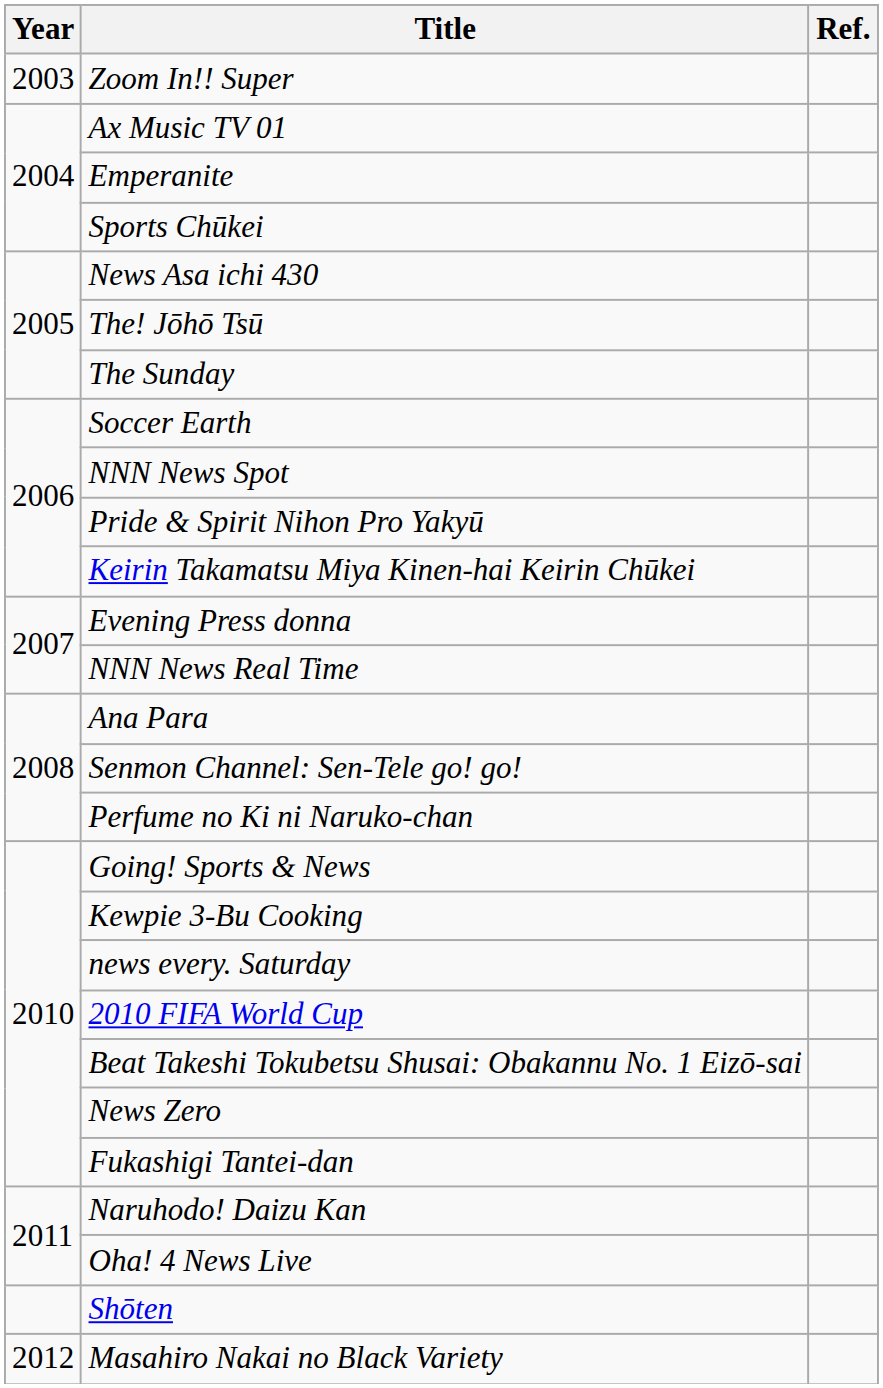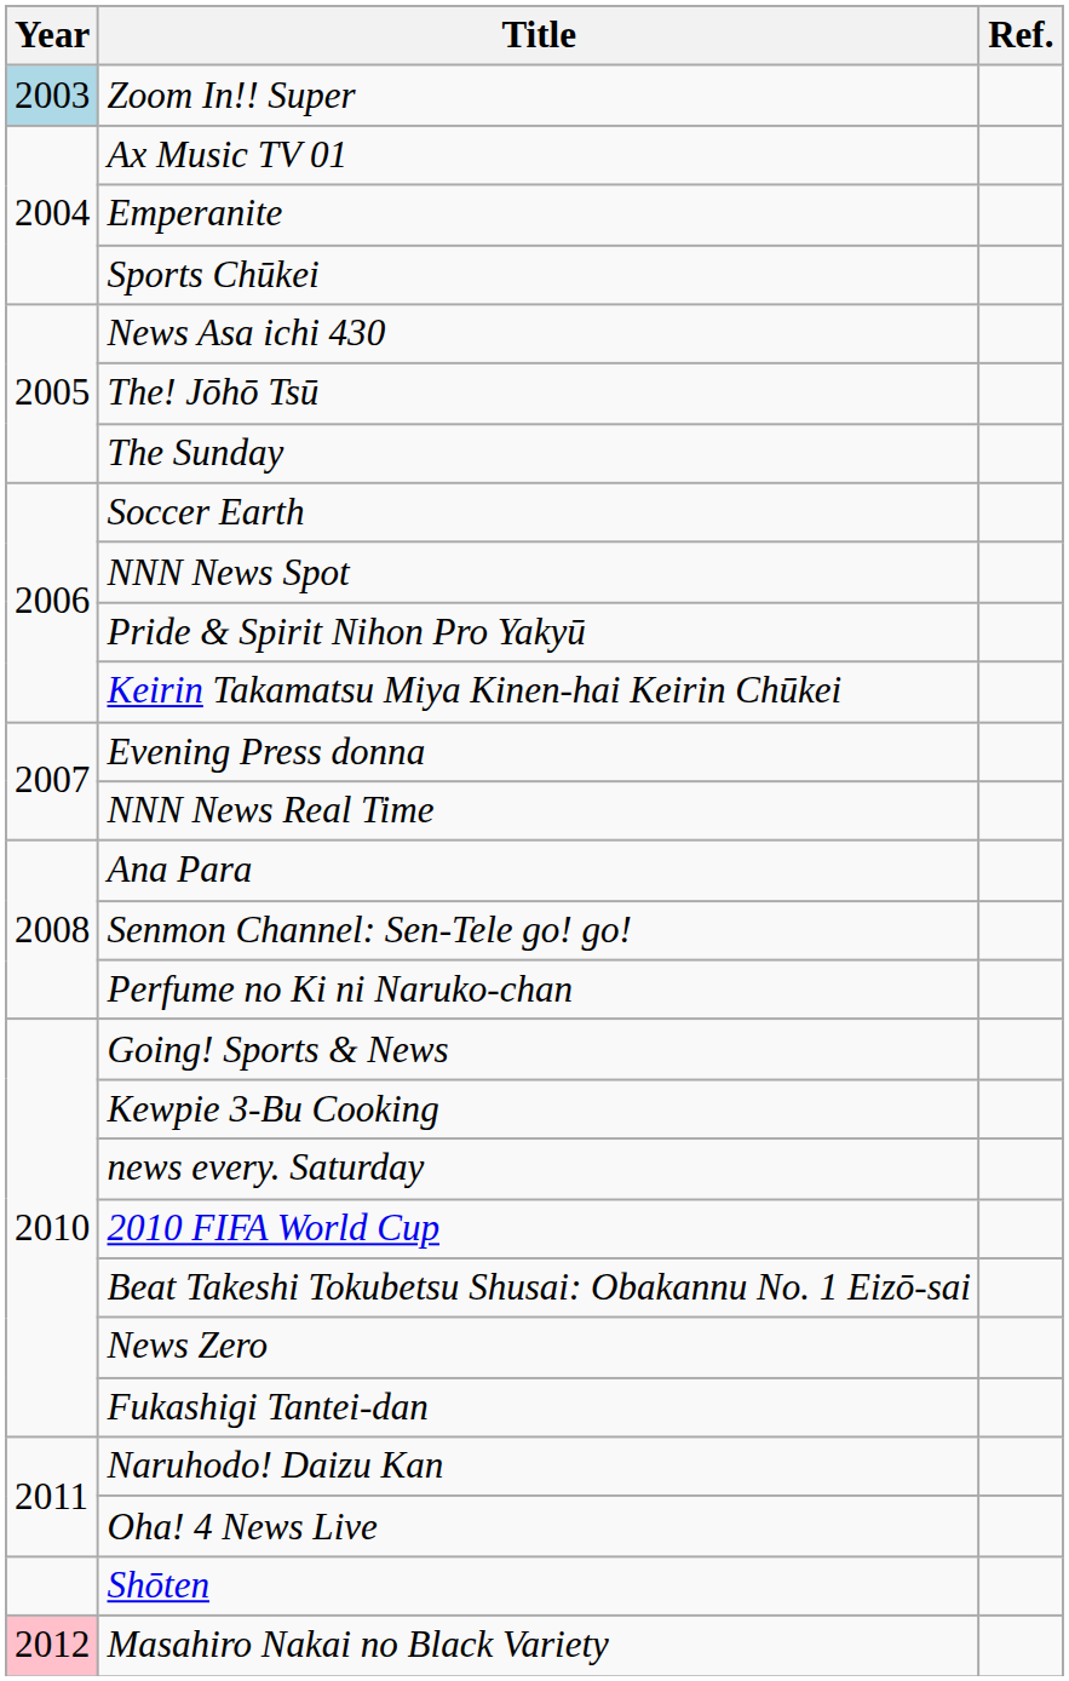 <table class="wikitable">
 <tr>
 <th>Year</th>
 <th>Title</th>
 <th>Ref.</th>
 </tr>
 <tr>
-<td>2003</td>
+<td style="background: lightblue;">2003</td>
 <td><em>Zoom In!! Super</em></td>
 <td></td>
 </tr>
 <tr>
 <td rowspan="3">2004</td>
 <td><em>Ax Music TV 01</em></td>
 <td></td>
 </tr>
 <tr>
 <td><em>Emperanite</em></td>
 <td></td>
 </tr>
 <tr>
 <td><em>Sports Chūkei</em></td>
 <td></td>
 </tr>
 <tr>
 <td rowspan="3">2005</td>
 <td><em>News Asa ichi 430</em></td>
 <td></td>
 </tr>
 <tr>
 <td><em>The! Jōhō Tsū</em></td>
 <td></td>
 </tr>
 <tr>
 <td><em>The Sunday</em></td>
 <td></td>
 </tr>
 <tr>
 <td rowspan="4">2006</td>
 <td><em>Soccer Earth</em></td>
 <td></td>
 </tr>
 <tr>
 <td><em>NNN News Spot</em></td>
 <td></td>
 </tr>
 <tr>
 <td><em>Pride & Spirit Nihon Pro Yakyū</em></td>
 <td></td>
 </tr>
 <tr>
 <td><em><a href='#'>Keirin</a> Takamatsu Miya Kinen-hai Keirin Chūkei</em></td>
 <td></td>
 </tr>
 <tr>
 <td rowspan="2">2007</td>
 <td><em>Evening Press donna</em></td>
 <td></td>
 </tr>
 <tr>
 <td><em>NNN News Real Time</em></td>
 <td></td>
 </tr>
 <tr>
 <td rowspan="3">2008</td>
 <td><em>Ana Para</em></td>
 <td></td>
 </tr>
 <tr>
 <td><em>Senmon Channel: Sen-Tele go! go!</em></td>
 <td></td>
 </tr>
 <tr>
 <td><em>Perfume no Ki ni Naruko-chan</em></td>
 <td></td>
 </tr>
 <tr>
 <td rowspan="7">2010</td>
 <td><em>Going! Sports & News</em></td>
 <td></td>
 </tr>
 <tr>
 <td><em>Kewpie 3-Bu Cooking</em></td>
 <td></td>
 </tr>
 <tr>
 <td><em>news every. Saturday</em></td>
 <td></td>
 </tr>
 <tr>
 <td><em><a href='#'>2010 FIFA World Cup</a></em></td>
 <td></td>
 </tr>
 <tr>
 <td><em>Beat Takeshi Tokubetsu Shusai: Obakannu No. 1 Eizō-sai</em></td>
 <td></td>
 </tr>
 <tr>
 <td><em>News Zero</em></td>
 <td></td>
 </tr>
 <tr>
 <td><em>Fukashigi Tantei-dan</em></td>
 <td></td>
 </tr>
 <tr>
 <td rowspan="2">2011</td>
 <td><em>Naruhodo! Daizu Kan</em></td>
 <td></td>
 </tr>
 <tr>
 <td><em>Oha! 4 News Live</em></td>
 <td></td>
 </tr>
 <tr>
 <td></td>
 <td><em><a href='#'>Shōten</a></em></td>
 <td></td>
 </tr>
 <tr>
-<td>2012</td>
+<td style="background: pink;">2012</td>
 <td><em>Masahiro Nakai no Black Variety</em></td>
 <td></td>
 </tr>
 </table>
